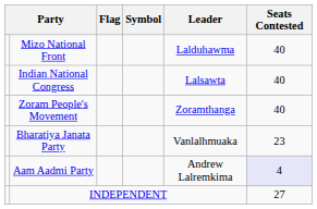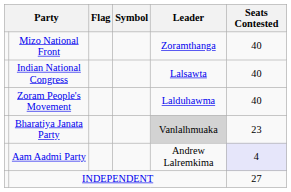 <table class="wikitable" width="50%" style="text-align:center;">
 <tr>
 <th colspan="2">Party</th>
 <th>Flag</th>
 <th>Symbol</th>
 <th>Leader</th>
 <th>Seats Contested</th>
 </tr>
 <tr>
 <td></td>
 <td><a href='#'>Mizo National Front</a></td>
 <td></td>
 <td></td>
-<td><a href='#'>Lalduhawma</a></td>
+<td><a href='#'>Zoramthanga</a></td>
 <td>40</td>
 </tr>
 <tr>
 <td></td>
 <td><a href='#'>Indian National Congress</a></td>
 <td></td>
 <td></td>
 <td><a href='#'>Lalsawta</a></td>
 <td>40</td>
 </tr>
 <tr>
 <td></td>
 <td><a href='#'>Zoram People's Movement</a></td>
 <td></td>
 <td></td>
-<td><a href='#'>Zoramthanga</a></td>
+<td><a href='#'>Lalduhawma</a></td>
 <td>40</td>
 </tr>
 <tr>
 <td></td>
 <td><a href='#'>Bharatiya Janata Party</a></td>
 <td></td>
 <td></td>
-<td>Vanlalhmuaka</td>
+<td style="background: lightgrey;">Vanlalhmuaka</td>
 <td>23</td>
 </tr>
 <tr>
 <td></td>
 <td><a href='#'>Aam Aadmi Party</a></td>
 <td></td>
 <td></td>
 <td>Andrew Lalremkima</td>
 <td style="background: lavender;">4</td>
 </tr>
 <tr>
 <td></td>
 <td colspan="4"><a href='#'>INDEPENDENT</a></td>
 <td colspan="2">27</td>
 </tr>
 </table>
